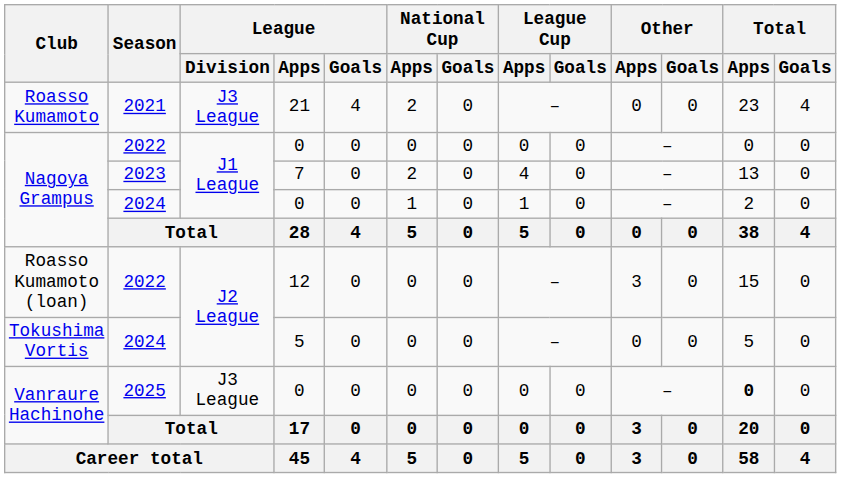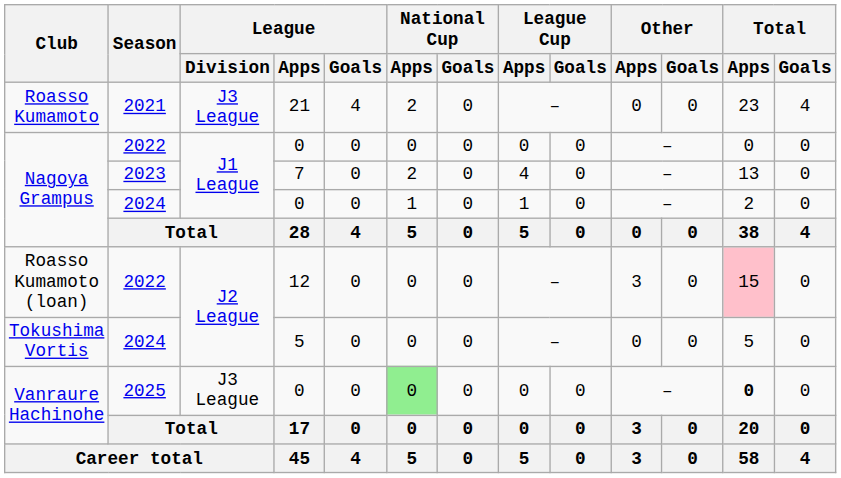 <table class="wikitable" style="text-align: center">
 <tr>
 <th rowspan="2">Club</th>
 <th rowspan="2">Season</th>
 <th colspan="3">League</th>
 <th colspan="2">National Cup</th>
 <th colspan="2">League Cup</th>
 <th colspan="2">Other</th>
 <th colspan="2">Total</th>
 </tr>
 <tr>
 <th>Division</th>
 <th>Apps</th>
 <th>Goals</th>
 <th>Apps</th>
 <th>Goals</th>
 <th>Apps</th>
 <th>Goals</th>
 <th>Apps</th>
 <th>Goals</th>
 <th>Apps</th>
 <th>Goals</th>
 </tr>
 <tr>
 <td><a href='#'>Roasso Kumamoto</a></td>
 <td><a href='#'>2021</a></td>
 <td><a href='#'>J3 League</a></td>
 <td>21</td>
 <td>4</td>
 <td>2</td>
 <td>0</td>
 <td colspan="2">–</td>
 <td>0</td>
 <td>0</td>
 <td>23</td>
 <td>4</td>
 </tr>
 <tr>
 <td rowspan="4"><a href='#'>Nagoya Grampus</a></td>
 <td><a href='#'>2022</a></td>
 <td rowspan="3"><a href='#'>J1 League</a></td>
 <td>0</td>
 <td>0</td>
 <td>0</td>
 <td>0</td>
 <td>0</td>
 <td>0</td>
 <td colspan="2">–</td>
 <td>0</td>
 <td>0</td>
 </tr>
 <tr>
 <td><a href='#'>2023</a></td>
 <td>7</td>
 <td>0</td>
 <td>2</td>
 <td>0</td>
 <td>4</td>
 <td>0</td>
 <td colspan="2">–</td>
 <td>13</td>
 <td>0</td>
 </tr>
 <tr>
 <td><a href='#'>2024</a></td>
 <td>0</td>
 <td>0</td>
 <td>1</td>
 <td>0</td>
 <td>1</td>
 <td>0</td>
 <td colspan="2">–</td>
 <td>2</td>
 <td>0</td>
 </tr>
 <tr>
 <th colspan=2>Total</th>
 <th>28</th>
 <th>4</th>
 <th>5</th>
 <th>0</th>
 <th>5</th>
 <th>0</th>
 <th>0</th>
 <th>0</th>
 <th>38</th>
 <th>4</th>
 </tr>
 <tr>
 <td>Roasso Kumamoto (loan)</td>
 <td><a href='#'>2022</a></td>
 <td rowspan="2"><a href='#'>J2 League</a></td>
 <td>12</td>
 <td>0</td>
 <td>0</td>
 <td>0</td>
 <td colspan="2">–</td>
 <td>3</td>
 <td>0</td>
-<td>15</td>
+<td style="background: pink;">15</td>
 <td>0</td>
 </tr>
 <tr>
 <td><a href='#'>Tokushima Vortis</a></td>
 <td><a href='#'>2024</a></td>
 <td>5</td>
 <td>0</td>
 <td>0</td>
 <td>0</td>
 <td colspan="2">–</td>
 <td>0</td>
 <td>0</td>
 <td>5</td>
 <td>0</td>
 </tr>
 <tr>
 <td rowspan="2"><a href='#'>Vanraure Hachinohe</a></td>
 <td><a href='#'>2025</a></td>
 <td>J3 League</td>
 <td>0</td>
 <td>0</td>
-<td>0</td>
+<td style="background: lightgreen;">0</td>
 <td>0</td>
 <td>0</td>
 <td>0</td>
 <td colspan="2">–</td>
 <td><strong>0</strong></td>
 <td>0</td>
 </tr>
 <tr>
 <th colspan=2>Total</th>
 <th>17</th>
 <th>0</th>
 <th>0</th>
 <th>0</th>
 <th>0</th>
 <th>0</th>
 <th>3</th>
 <th>0</th>
 <th>20</th>
 <th>0</th>
 </tr>
 <tr>
 <th colspan=3>Career total</th>
 <th>45</th>
 <th>4</th>
 <th>5</th>
 <th>0</th>
 <th>5</th>
 <th>0</th>
 <th>3</th>
 <th>0</th>
 <th>58</th>
 <th>4</th>
 </tr>
 </table>
